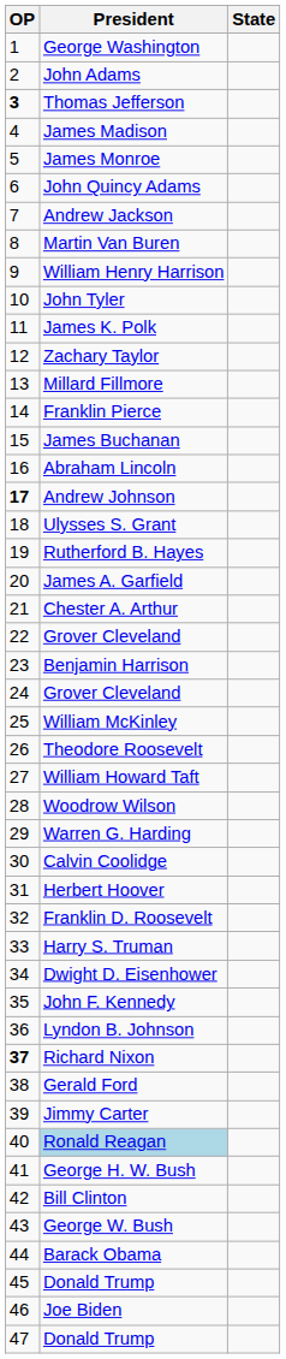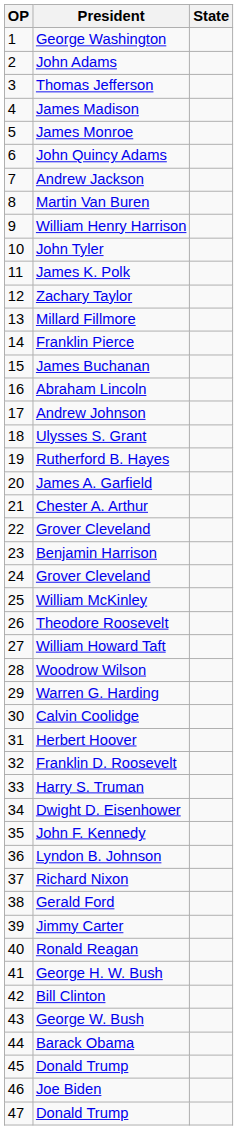 <table class="wikitable sortable">
 <tr>
 <th><abbr>OP</abbr></th>
 <th>President</th>
 <th>State</th>
 </tr>
 <tr>
 <td>1</td>
 <td><a href='#'>George Washington</a></td>
 <td></td>
 </tr>
 <tr>
 <td>2</td>
 <td><a href='#'>John Adams</a></td>
 <td></td>
 </tr>
 <tr>
-<td><strong>3</strong></td>
+<td>3</td>
 <td><a href='#'>Thomas Jefferson</a></td>
 <td></td>
 </tr>
 <tr>
 <td>4</td>
 <td><a href='#'>James Madison</a></td>
 <td></td>
 </tr>
 <tr>
 <td>5</td>
 <td><a href='#'>James Monroe</a></td>
 <td></td>
 </tr>
 <tr>
 <td>6</td>
 <td><a href='#'>John Quincy Adams</a></td>
 <td></td>
 </tr>
 <tr>
 <td>7</td>
 <td><a href='#'>Andrew Jackson</a></td>
 <td></td>
 </tr>
 <tr>
 <td>8</td>
 <td><a href='#'>Martin Van Buren</a></td>
 <td></td>
 </tr>
 <tr>
 <td>9</td>
 <td><a href='#'>William Henry Harrison</a></td>
 <td></td>
 </tr>
 <tr>
 <td>10</td>
 <td><a href='#'>John Tyler</a></td>
 <td></td>
 </tr>
 <tr>
 <td>11</td>
 <td><a href='#'>James K. Polk</a></td>
 <td></td>
 </tr>
 <tr>
 <td>12</td>
 <td><a href='#'>Zachary Taylor</a></td>
 <td></td>
 </tr>
 <tr>
 <td>13</td>
 <td><a href='#'>Millard Fillmore</a></td>
 <td></td>
 </tr>
 <tr>
 <td>14</td>
 <td><a href='#'>Franklin Pierce</a></td>
 <td></td>
 </tr>
 <tr>
 <td>15</td>
 <td><a href='#'>James Buchanan</a></td>
 <td></td>
 </tr>
 <tr>
 <td>16</td>
 <td><a href='#'>Abraham Lincoln</a></td>
 <td></td>
 </tr>
 <tr>
-<td><strong>17</strong></td>
+<td>17</td>
 <td><a href='#'>Andrew Johnson</a></td>
 <td></td>
 </tr>
 <tr>
 <td>18</td>
 <td><a href='#'>Ulysses S. Grant</a></td>
 <td></td>
 </tr>
 <tr>
 <td>19</td>
 <td><a href='#'>Rutherford B. Hayes</a></td>
 <td></td>
 </tr>
 <tr>
 <td>20</td>
 <td><a href='#'>James A. Garfield</a></td>
 <td></td>
 </tr>
 <tr>
 <td>21</td>
 <td><a href='#'>Chester A. Arthur</a></td>
 <td></td>
 </tr>
 <tr>
 <td>22</td>
 <td><a href='#'>Grover Cleveland</a></td>
 <td></td>
 </tr>
 <tr>
 <td>23</td>
 <td><a href='#'>Benjamin Harrison</a></td>
 <td></td>
 </tr>
 <tr>
 <td>24</td>
 <td><a href='#'>Grover Cleveland</a></td>
 <td></td>
 </tr>
 <tr>
 <td>25</td>
 <td><a href='#'>William McKinley</a></td>
 <td></td>
 </tr>
 <tr>
 <td>26</td>
 <td><a href='#'>Theodore Roosevelt</a></td>
 <td></td>
 </tr>
 <tr>
 <td>27</td>
 <td><a href='#'>William Howard Taft</a></td>
 <td></td>
 </tr>
 <tr>
 <td>28</td>
 <td><a href='#'>Woodrow Wilson</a></td>
 <td></td>
 </tr>
 <tr>
 <td>29</td>
 <td><a href='#'>Warren G. Harding</a></td>
 <td></td>
 </tr>
 <tr>
 <td>30</td>
 <td><a href='#'>Calvin Coolidge</a></td>
 <td></td>
 </tr>
 <tr>
 <td>31</td>
 <td><a href='#'>Herbert Hoover</a></td>
 <td></td>
 </tr>
 <tr>
 <td>32</td>
 <td><a href='#'>Franklin D. Roosevelt</a></td>
 <td></td>
 </tr>
 <tr>
 <td>33</td>
 <td><a href='#'>Harry S. Truman</a></td>
 <td></td>
 </tr>
 <tr>
 <td>34</td>
 <td><a href='#'>Dwight D. Eisenhower</a></td>
 <td></td>
 </tr>
 <tr>
 <td>35</td>
 <td><a href='#'>John F. Kennedy</a></td>
 <td></td>
 </tr>
 <tr>
 <td>36</td>
 <td><a href='#'>Lyndon B. Johnson</a></td>
 <td></td>
 </tr>
 <tr>
-<td><strong>37</strong></td>
+<td>37</td>
 <td><a href='#'>Richard Nixon</a></td>
 <td></td>
 </tr>
 <tr>
 <td>38</td>
 <td><a href='#'>Gerald Ford</a></td>
 <td></td>
 </tr>
 <tr>
 <td>39</td>
 <td><a href='#'>Jimmy Carter</a></td>
 <td></td>
 </tr>
 <tr>
 <td>40</td>
-<td style="background: lightblue;"><a href='#'>Ronald Reagan</a></td>
+<td><a href='#'>Ronald Reagan</a></td>
 <td></td>
 </tr>
 <tr>
 <td>41</td>
 <td><a href='#'>George H. W. Bush</a></td>
 <td></td>
 </tr>
 <tr>
 <td>42</td>
 <td><a href='#'>Bill Clinton</a></td>
 <td></td>
 </tr>
 <tr>
 <td>43</td>
 <td><a href='#'>George W. Bush</a></td>
 <td></td>
 </tr>
 <tr>
 <td>44</td>
 <td><a href='#'>Barack Obama</a></td>
 <td></td>
 </tr>
 <tr>
 <td>45</td>
 <td><a href='#'>Donald Trump</a></td>
 <td></td>
 </tr>
 <tr>
 <td>46</td>
 <td><a href='#'>Joe Biden</a></td>
 <td></td>
 </tr>
 <tr>
 <td>47</td>
 <td><a href='#'>Donald Trump</a></td>
 <td></td>
 </tr>
 </table>
